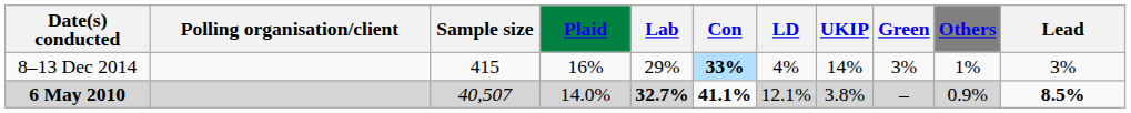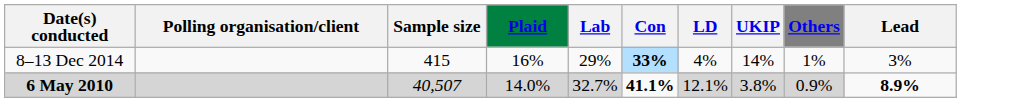 <table class="wikitable sortable" style="text-align:center;font-size:90%;line-height:14px">
 <tr>
 <th ! style="width:100px;">Date(s)<br>conducted</th>
 <th style="width:200px;">Polling organisation/client</th>
 <th class="unsortable" style="width:75px;">Sample size</th>
 <th class="unsortable" style="background:#008142; width:60px;"><a href='#'><span>Plaid</span></a></th>
 <th class="unsortable" style="background:"><a href='#'><span>Lab</span></a></th>
 <th class="unsortable" style="background:"><a href='#'><span>Con</span></a></th>
 <th class="unsortable" style="background:"><a href='#'><span>LD</span></a></th>
 <th class="unsortable" style="background:"><a href='#'><span>UKIP</span></a></th>
-<th class="unsortable" style="background:"><a href='#'><span>Green</span></a></th>
 <th class="unsortable" style="background:gray; width:60x;"><a href='#'><span>Others</span></a></th>
 <th class="unsortable" style="width:85px;">Lead</th>
 </tr>
 <tr>
 <td>8–13 Dec 2014</td>
 <td></td>
 <td>415</td>
 <td>16%</td>
 <td>29%</td>
 <td style="background:#B3E0FF"><strong>33%</strong></td>
 <td>4%</td>
 <td>14%</td>
-<td>3%</td>
 <td>1%</td>
 <td style="background:">3%</td>
 </tr>
 <tr>
 <td style="background:#D5D5D5"><strong>6 May 2010</strong></td>
 <td style="background:#D5D5D5"></td>
 <td style="background:#D5D5D5"><em>40,507</em></td>
 <td style="background:#D5D5D5">14.0%</td>
-<td style="background:#D5D5D5"><strong>32.7%</strong></td>
+<td style="background:#D5D5D5">32.7%</td>
 <td style="background:"><strong>41.1%</strong></td>
 <td style="background:#D5D5D5">12.1%</td>
 <td style="background:#D5D5D5">3.8%</td>
-<td style="background:#D5D5D5">–</td>
 <td style="background:#D5D5D5">0.9%</td>
-<td style="background:"><strong>8.5% </strong></td>
+<td style="background:"><strong>8.9% </strong></td>
 </tr>
 </table>
